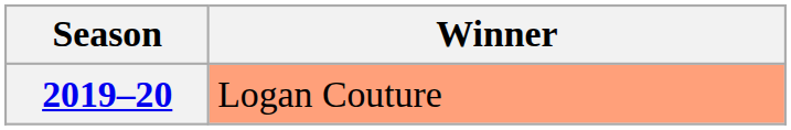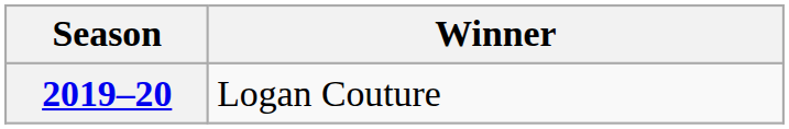 <table class="wikitable">
 <tr>
 <th scope="col" style="width:5em">Season</th>
 <th scope="col" style="width:15em">Winner</th>
 </tr>
 <tr>
 <th scope="row"><a href='#'>2019–20</a></th>
-<td style="background: lightsalmon;">Logan Couture</td>
+<td>Logan Couture</td>
 </tr>
 </table>
